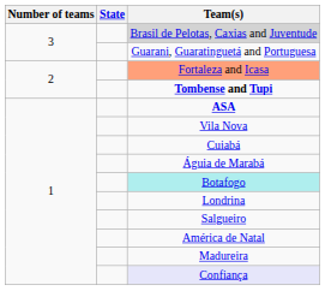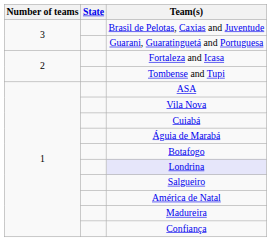 <table class="wikitable" style="text-align:center">
 <tr>
 <th>Number of teams</th>
 <th><a href='#'>State</a></th>
 <th>Team(s)</th>
 </tr>
 <tr>
 <td rowspan="2">3</td>
 <td align="left"></td>
-<td style="background: lightgrey;"><a href='#'>Brasil de Pelotas</a>, <a href='#'>Caxias</a> and <a href='#'>Juventude</a></td>
+<td><a href='#'>Brasil de Pelotas</a>, <a href='#'>Caxias</a> and <a href='#'>Juventude</a></td>
 </tr>
 <tr>
 <td align="left"></td>
 <td><a href='#'>Guarani</a>, <a href='#'>Guaratinguetá</a> and <a href='#'>Portuguesa</a></td>
 </tr>
 <tr>
 <td rowspan="2">2</td>
 <td align="left"></td>
-<td style="background: lightsalmon;"><a href='#'>Fortaleza</a> and <a href='#'>Icasa</a></td>
+<td><a href='#'>Fortaleza</a> and <a href='#'>Icasa</a></td>
 </tr>
 <tr>
 <td align="left"></td>
-<td><strong><a href='#'>Tombense</a> and <a href='#'>Tupi</a></strong></td>
+<td><a href='#'>Tombense</a> and <a href='#'>Tupi</a></td>
 </tr>
 <tr>
 <td rowspan="10">1</td>
 <td align="left"></td>
-<td><strong><a href='#'>ASA</a></strong></td>
+<td><a href='#'>ASA</a></td>
 </tr>
 <tr>
 <td align="left"></td>
 <td><a href='#'>Vila Nova</a></td>
 </tr>
 <tr>
 <td align="left"></td>
 <td><a href='#'>Cuiabá</a></td>
 </tr>
 <tr>
 <td align="left"></td>
 <td><a href='#'>Águia de Marabá</a></td>
 </tr>
 <tr>
 <td align="left"></td>
-<td style="background: paleturquoise;"><a href='#'>Botafogo</a></td>
+<td><a href='#'>Botafogo</a></td>
 </tr>
 <tr>
 <td align="left"></td>
-<td><a href='#'>Londrina</a></td>
+<td style="background: lavender;"><a href='#'>Londrina</a></td>
 </tr>
 <tr>
 <td align="left"></td>
 <td><a href='#'>Salgueiro</a></td>
 </tr>
 <tr>
 <td align="left"></td>
 <td><a href='#'>América de Natal</a></td>
 </tr>
 <tr>
 <td align="left"></td>
 <td><a href='#'>Madureira</a></td>
 </tr>
 <tr>
 <td align="left"></td>
-<td style="background: lavender;"><a href='#'>Confiança</a></td>
+<td><a href='#'>Confiança</a></td>
 </tr>
 </table>
